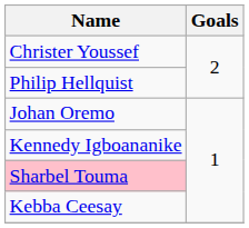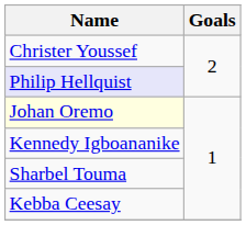 <table class="wikitable">
 <tr>
 <th>Name</th>
 <th>Goals</th>
 </tr>
 <tr>
 <td> <a href='#'>Christer Youssef</a></td>
 <td rowspan="2" align=center>2</td>
 </tr>
 <tr>
-<td> <a href='#'>Philip Hellquist</a></td>
+<td style="background: lavender;"> <a href='#'>Philip Hellquist</a></td>
 </tr>
 <tr>
-<td> <a href='#'>Johan Oremo</a></td>
+<td style="background: lightyellow;"> <a href='#'>Johan Oremo</a></td>
 <td rowspan="4" align=center>1</td>
 </tr>
 <tr>
 <td> <a href='#'>Kennedy Igboananike</a></td>
 </tr>
 <tr>
-<td style="background: pink;"> <a href='#'>Sharbel Touma</a></td>
+<td> <a href='#'>Sharbel Touma</a></td>
 </tr>
 <tr>
 <td> <a href='#'>Kebba Ceesay</a></td>
 </tr>
 <tr>
 </tr>
 </table>
